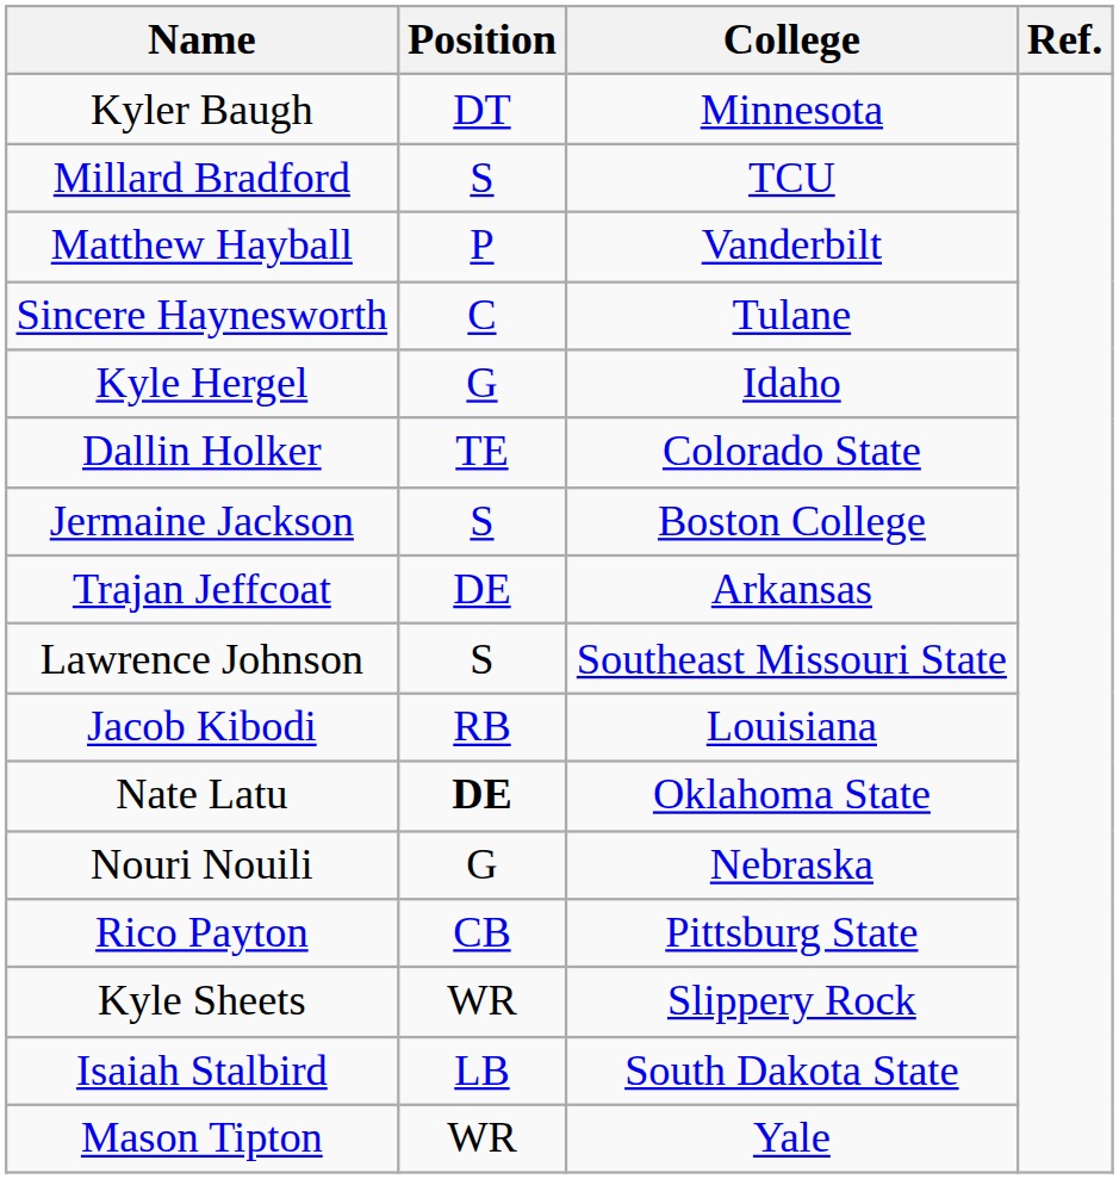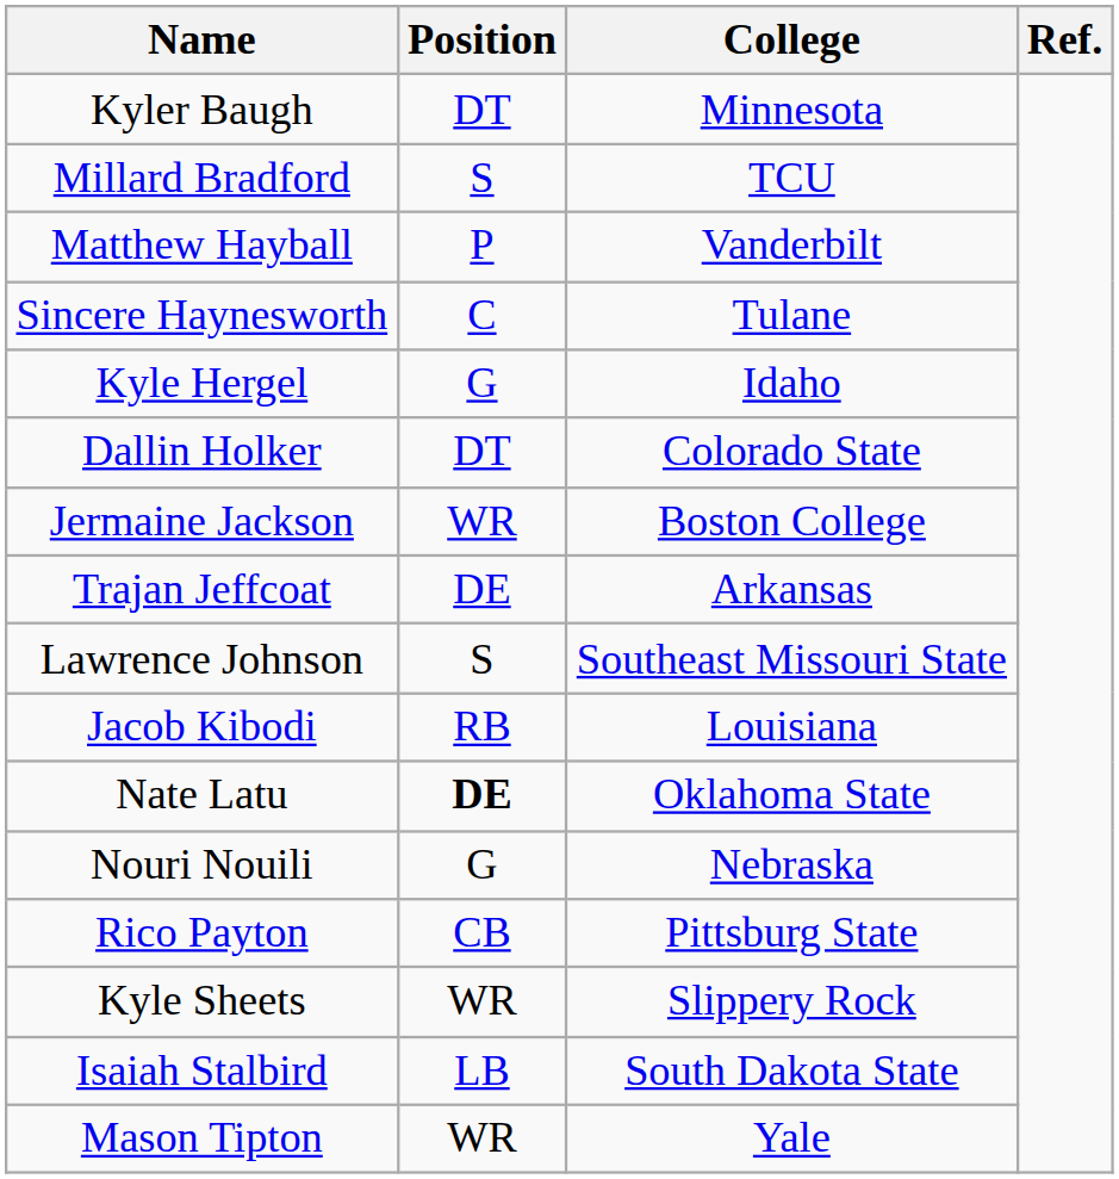 <table class="wikitable" style="text-align:center">
 <tr>
 <th>Name</th>
 <th>Position</th>
 <th>College</th>
 <th>Ref.</th>
 </tr>
 <tr>
 <td>Kyler Baugh</td>
 <td><a href='#'>DT</a></td>
 <td><a href='#'>Minnesota</a></td>
 <td rowspan="16"></td>
 </tr>
 <tr>
 <td><a href='#'>Millard Bradford</a></td>
 <td><a href='#'>S</a></td>
 <td><a href='#'>TCU</a></td>
 </tr>
 <tr>
 <td><a href='#'>Matthew Hayball</a></td>
 <td><a href='#'>P</a></td>
 <td><a href='#'>Vanderbilt</a></td>
 </tr>
 <tr>
 <td><a href='#'>Sincere Haynesworth</a></td>
 <td><a href='#'>C</a></td>
 <td><a href='#'>Tulane</a></td>
 </tr>
 <tr>
 <td><a href='#'>Kyle Hergel</a></td>
 <td><a href='#'>G</a></td>
 <td><a href='#'>Idaho</a></td>
 </tr>
 <tr>
 <td><a href='#'>Dallin Holker</a></td>
-<td><a href='#'>TE</a></td>
+<td><a href='#'>DT</a></td>
 <td><a href='#'>Colorado State</a></td>
 </tr>
 <tr>
 <td><a href='#'>Jermaine Jackson</a></td>
-<td><a href='#'>S</a></td>
+<td><a href='#'>WR</a></td>
 <td><a href='#'>Boston College</a></td>
 </tr>
 <tr>
 <td><a href='#'>Trajan Jeffcoat</a></td>
 <td><a href='#'>DE</a></td>
 <td><a href='#'>Arkansas</a></td>
 </tr>
 <tr>
 <td>Lawrence Johnson</td>
 <td>S</td>
 <td><a href='#'>Southeast Missouri State</a></td>
 </tr>
 <tr>
 <td><a href='#'>Jacob Kibodi</a></td>
 <td><a href='#'>RB</a></td>
 <td><a href='#'>Louisiana</a></td>
 </tr>
 <tr>
 <td>Nate Latu</td>
 <td><strong>DE</strong></td>
 <td><a href='#'>Oklahoma State</a></td>
 </tr>
 <tr>
 <td>Nouri Nouili</td>
 <td>G</td>
 <td><a href='#'>Nebraska</a></td>
 </tr>
 <tr>
 <td><a href='#'>Rico Payton</a></td>
 <td><a href='#'>CB</a></td>
 <td><a href='#'>Pittsburg State</a></td>
 </tr>
 <tr>
 <td>Kyle Sheets</td>
 <td>WR</td>
 <td><a href='#'>Slippery Rock</a></td>
 </tr>
 <tr>
 <td><a href='#'>Isaiah Stalbird</a></td>
 <td><a href='#'>LB</a></td>
 <td><a href='#'>South Dakota State</a></td>
 </tr>
 <tr>
 <td><a href='#'>Mason Tipton</a></td>
 <td>WR</td>
 <td><a href='#'>Yale</a></td>
 </tr>
 </table>
